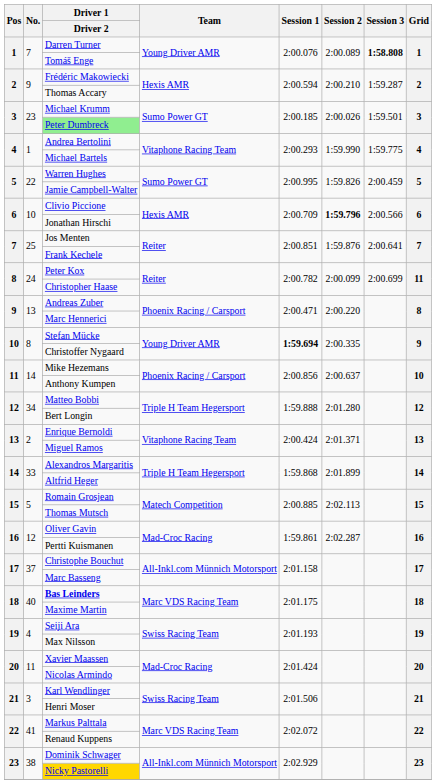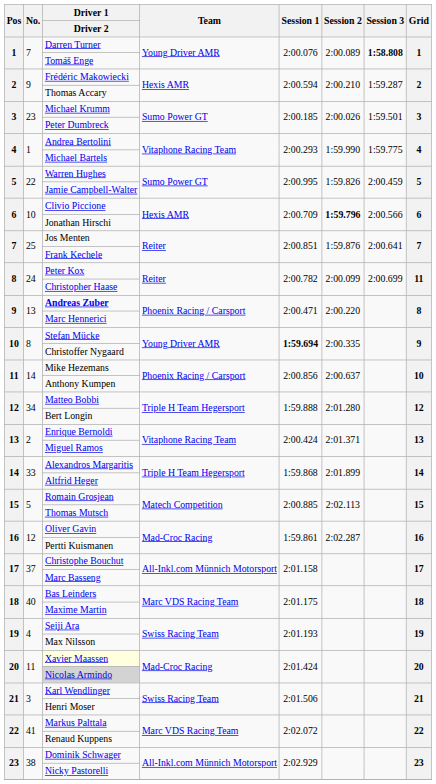 <table class="wikitable" style="font-size: 90%;">
 <tr>
 <th rowspan=2>Pos</th>
 <th rowspan=2>No.</th>
 <th>Driver 1</th>
 <th rowspan=2>Team</th>
 <th rowspan=2>Session 1</th>
 <th rowspan=2>Session 2</th>
 <th rowspan=2>Session 3</th>
 <th rowspan=2>Grid</th>
 </tr>
 <tr>
 <th>Driver 2</th>
 </tr>
 <tr>
 <th rowspan=2>1</th>
 <td rowspan=2>7</td>
 <td> <a href='#'>Darren Turner</a></td>
 <td rowspan=2> <a href='#'>Young Driver AMR</a></td>
 <td rowspan=2 align="center">2:00.076</td>
 <td rowspan=2 align="center">2:00.089</td>
 <td rowspan=2 align="center"><strong>1:58.808</strong></td>
 <th rowspan=2>1</th>
 </tr>
 <tr>
 <td> <a href='#'>Tomáš Enge</a></td>
 </tr>
 <tr>
 <th rowspan=2>2</th>
 <td rowspan=2>9</td>
 <td>  <a href='#'>Frédéric Makowiecki</a></td>
 <td rowspan=2> <a href='#'>Hexis AMR</a></td>
 <td rowspan=2 align="center">2:00.594</td>
 <td rowspan=2 align="center">2:00.210</td>
 <td rowspan=2 align="center">1:59.287</td>
 <th rowspan=2>2</th>
 </tr>
 <tr>
 <td> Thomas Accary</td>
 </tr>
 <tr>
 <th rowspan=2>3</th>
 <td rowspan=2>23</td>
 <td> <a href='#'>Michael Krumm</a></td>
 <td rowspan=2> <a href='#'>Sumo Power GT</a></td>
 <td rowspan=2 align="center">2:00.185</td>
 <td rowspan=2 align="center">2:00.026</td>
 <td rowspan=2 align="center">1:59.501</td>
 <th rowspan=2>3</th>
 </tr>
 <tr>
-<td style="background: lightgreen;"> <a href='#'>Peter Dumbreck</a></td>
+<td> <a href='#'>Peter Dumbreck</a></td>
 </tr>
 <tr>
 <th rowspan=2>4</th>
 <td rowspan=2>1</td>
 <td> <a href='#'>Andrea Bertolini</a></td>
 <td rowspan=2> <a href='#'>Vitaphone Racing Team</a></td>
 <td rowspan=2 align="center">2:00.293</td>
 <td rowspan=2 align="center">1:59.990</td>
 <td rowspan=2 align="center">1:59.775</td>
 <th rowspan=2>4</th>
 </tr>
 <tr>
 <td> <a href='#'>Michael Bartels</a></td>
 </tr>
 <tr>
 <th rowspan=2>5</th>
 <td rowspan=2>22</td>
 <td> <a href='#'>Warren Hughes</a></td>
 <td rowspan=2> <a href='#'>Sumo Power GT</a></td>
 <td rowspan=2 align="center">2:00.995</td>
 <td rowspan=2 align="center">1:59.826</td>
 <td rowspan=2 align="center">2:00.459</td>
 <th rowspan=2>5</th>
 </tr>
 <tr>
 <td> <a href='#'>Jamie Campbell-Walter</a></td>
 </tr>
 <tr>
 <th rowspan=2>6</th>
 <td rowspan=2>10</td>
 <td> <a href='#'>Clivio Piccione</a></td>
 <td rowspan=2> <a href='#'>Hexis AMR</a></td>
 <td rowspan=2 align="center">2:00.709</td>
 <td rowspan=2 align="center"><strong>1:59.796</strong></td>
 <td rowspan=2 align="center">2:00.566</td>
 <th rowspan=2>6</th>
 </tr>
 <tr>
 <td> Jonathan Hirschi</td>
 </tr>
 <tr>
 <th rowspan=2>7</th>
 <td rowspan=2>25</td>
 <td> Jos Menten</td>
 <td rowspan=2> <a href='#'>Reiter</a></td>
 <td rowspan=2 align="center">2:00.851</td>
 <td rowspan=2 align="center">1:59.876</td>
 <td rowspan=2 align="center">2:00.641</td>
 <th rowspan=2>7</th>
 </tr>
 <tr>
 <td> <a href='#'>Frank Kechele</a></td>
 </tr>
 <tr>
 <th rowspan=2>8</th>
 <td rowspan=2>24</td>
 <td> <a href='#'>Peter Kox</a></td>
 <td rowspan=2> <a href='#'>Reiter</a></td>
 <td rowspan=2 align="center">2:00.782</td>
 <td rowspan=2 align="center">2:00.099</td>
 <td rowspan=2 align="center">2:00.699</td>
 <th rowspan=2>11</th>
 </tr>
 <tr>
 <td> <a href='#'>Christopher Haase</a></td>
 </tr>
 <tr>
 <th rowspan=2>9</th>
 <td rowspan=2>13</td>
-<td> <a href='#'>Andreas Zuber</a></td>
+<td><strong> <a href='#'>Andreas Zuber</a></strong></td>
 <td rowspan=2> <a href='#'>Phoenix Racing / Carsport</a></td>
 <td rowspan=2 align="center">2:00.471</td>
 <td rowspan=2 align="center">2:00.220</td>
 <td rowspan=2></td>
 <th rowspan=2>8</th>
 </tr>
 <tr>
 <td> <a href='#'>Marc Hennerici</a></td>
 </tr>
 <tr>
 <th rowspan=2>10</th>
 <td rowspan=2>8</td>
 <td> <a href='#'>Stefan Mücke</a></td>
 <td rowspan=2> <a href='#'>Young Driver AMR</a></td>
 <td rowspan=2 align="center"><strong>1:59.694</strong></td>
 <td rowspan=2 align="center">2:00.335</td>
 <td rowspan=2></td>
 <th rowspan=2>9</th>
 </tr>
 <tr>
 <td> Christoffer Nygaard</td>
 </tr>
 <tr>
 <th rowspan=2>11</th>
 <td rowspan=2>14</td>
 <td> Mike Hezemans</td>
 <td rowspan=2> <a href='#'>Phoenix Racing / Carsport</a></td>
 <td rowspan=2 align="center">2:00.856</td>
 <td rowspan=2 align="center">2:00.637</td>
 <td rowspan=2></td>
 <th rowspan=2>10</th>
 </tr>
 <tr>
 <td> Anthony Kumpen</td>
 </tr>
 <tr>
 <th rowspan=2>12</th>
 <td rowspan=2>34</td>
 <td> <a href='#'>Matteo Bobbi</a></td>
 <td rowspan=2> <a href='#'>Triple H Team Hegersport</a></td>
 <td rowspan=2 align="center">1:59.888</td>
 <td rowspan=2 align="center">2:01.280</td>
 <td rowspan=2></td>
 <th rowspan=2>12</th>
 </tr>
 <tr>
 <td> Bert Longin</td>
 </tr>
 <tr>
 <th rowspan=2>13</th>
 <td rowspan=2>2</td>
 <td> <a href='#'>Enrique Bernoldi</a></td>
 <td rowspan=2> <a href='#'>Vitaphone Racing Team</a></td>
 <td rowspan=2 align="center">2:00.424</td>
 <td rowspan=2 align="center">2:01.371</td>
 <td rowspan=2></td>
 <th rowspan=2>13</th>
 </tr>
 <tr>
 <td> <a href='#'>Miguel Ramos</a></td>
 </tr>
 <tr>
 <th rowspan=2>14</th>
 <td rowspan=2>33</td>
 <td> <a href='#'>Alexandros Margaritis</a></td>
 <td rowspan=2> <a href='#'>Triple H Team Hegersport</a></td>
 <td rowspan=2 align="center">1:59.868</td>
 <td rowspan=2 align="center">2:01.899</td>
 <td rowspan=2></td>
 <th rowspan=2>14</th>
 </tr>
 <tr>
 <td> <a href='#'>Altfrid Heger</a></td>
 </tr>
 <tr>
 <th rowspan=2>15</th>
 <td rowspan=2>5</td>
 <td> <a href='#'>Romain Grosjean</a></td>
 <td rowspan=2> <a href='#'>Matech Competition</a></td>
 <td rowspan=2 align="center">2:00.885</td>
 <td rowspan=2 align="center">2:02.113</td>
 <td rowspan=2></td>
 <th rowspan=2>15</th>
 </tr>
 <tr>
 <td> <a href='#'>Thomas Mutsch</a></td>
 </tr>
 <tr>
 <th rowspan=2>16</th>
 <td rowspan=2>12</td>
 <td> <a href='#'>Oliver Gavin</a></td>
 <td rowspan=2> <a href='#'>Mad-Croc Racing</a></td>
 <td rowspan=2 align="center">1:59.861</td>
 <td rowspan=2 align="center">2:02.287</td>
 <td rowspan=2></td>
 <th rowspan=2>16</th>
 </tr>
 <tr>
 <td> Pertti Kuismanen</td>
 </tr>
 <tr>
 <th rowspan=2>17</th>
 <td rowspan=2>37</td>
 <td> <a href='#'>Christophe Bouchut</a></td>
 <td rowspan=2> <a href='#'>All-Inkl.com Münnich Motorsport</a></td>
 <td rowspan=2 align="center">2:01.158</td>
 <td rowspan=2></td>
 <td rowspan=2></td>
 <th rowspan=2>17</th>
 </tr>
 <tr>
 <td> <a href='#'>Marc Basseng</a></td>
 </tr>
 <tr>
 <th rowspan=2>18</th>
 <td rowspan=2>40</td>
-<td><strong> <a href='#'>Bas Leinders</a></strong></td>
+<td> <a href='#'>Bas Leinders</a></td>
 <td rowspan=2> <a href='#'>Marc VDS Racing Team</a></td>
 <td rowspan=2 align="center">2:01.175</td>
 <td rowspan=2></td>
 <td rowspan=2></td>
 <th rowspan=2>18</th>
 </tr>
 <tr>
 <td> <a href='#'>Maxime Martin</a></td>
 </tr>
 <tr>
 <th rowspan=2>19</th>
 <td rowspan=2>4</td>
 <td> <a href='#'>Seiji Ara</a></td>
 <td rowspan=2> <a href='#'>Swiss Racing Team</a></td>
 <td rowspan=2 align="center">2:01.193</td>
 <td rowspan=2></td>
 <td rowspan=2></td>
 <th rowspan=2>19</th>
 </tr>
 <tr>
 <td> Max Nilsson</td>
 </tr>
 <tr>
 <th rowspan=2>20</th>
 <td rowspan=2>11</td>
-<td> <a href='#'>Xavier Maassen</a></td>
+<td style="background: lightyellow;"> <a href='#'>Xavier Maassen</a></td>
 <td rowspan=2> <a href='#'>Mad-Croc Racing</a></td>
 <td rowspan=2 align="center">2:01.424</td>
 <td rowspan=2></td>
 <td rowspan=2></td>
 <th rowspan=2>20</th>
 </tr>
 <tr>
-<td> <a href='#'>Nicolas Armindo</a></td>
+<td style="background: lightgrey;"> <a href='#'>Nicolas Armindo</a></td>
 </tr>
 <tr>
 <th rowspan=2>21</th>
 <td rowspan=2>3</td>
 <td> <a href='#'>Karl Wendlinger</a></td>
 <td rowspan=2> <a href='#'>Swiss Racing Team</a></td>
 <td rowspan=2 align="center">2:01.506</td>
 <td rowspan=2></td>
 <td rowspan=2></td>
 <th rowspan=2>21</th>
 </tr>
 <tr>
 <td> Henri Moser</td>
 </tr>
 <tr>
 <th rowspan=2>22</th>
 <td rowspan=2>41</td>
 <td> <a href='#'>Markus Palttala</a></td>
 <td rowspan=2> <a href='#'>Marc VDS Racing Team</a></td>
 <td rowspan=2 align="center">2:02.072</td>
 <td rowspan=2></td>
 <td rowspan=2></td>
 <th rowspan=2>22</th>
 </tr>
 <tr>
 <td> Renaud Kuppens</td>
 </tr>
 <tr>
 <th rowspan=2>23</th>
 <td rowspan=2>38</td>
 <td> <a href='#'>Dominik Schwager</a></td>
 <td rowspan=2> <a href='#'>All-Inkl.com Münnich Motorsport</a></td>
 <td rowspan=2 align="center">2:02.929</td>
 <td rowspan=2></td>
 <td rowspan=2></td>
 <th rowspan=2>23</th>
 </tr>
 <tr>
-<td style="background: gold;"> <a href='#'>Nicky Pastorelli</a></td>
+<td> <a href='#'>Nicky Pastorelli</a></td>
 </tr>
 <tr>
 </tr>
 </table>
